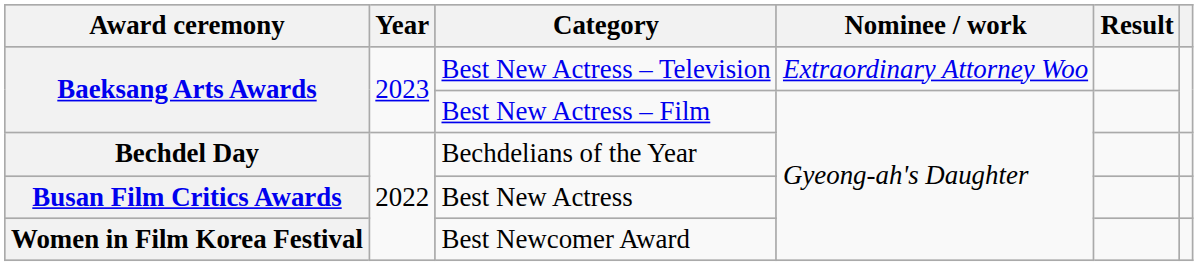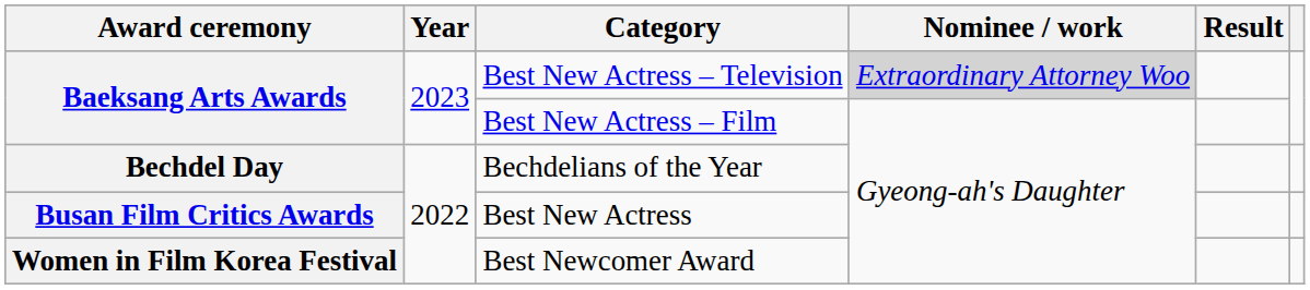 <table class="wikitable plainrowheaders sortable">
 <tr>
 <th scope="col">Award ceremony</th>
 <th scope="col">Year</th>
 <th scope="col">Category</th>
 <th scope="col">Nominee / work</th>
 <th scope="col">Result</th>
 <th scope="col" class="unsortable"></th>
 </tr>
 <tr>
 <th scope="row" rowspan="2"><a href='#'>Baeksang Arts Awards</a></th>
 <td rowspan="2" style="text-align:center"><a href='#'>2023</a></td>
 <td><a href='#'>Best New Actress – Television</a></td>
-<td><em><a href='#'>Extraordinary Attorney Woo</a></em></td>
+<td style="background: lightgrey;"><em><a href='#'>Extraordinary Attorney Woo</a></em></td>
 <td></td>
 <td rowspan="2" style="text-align:center"></td>
 </tr>
 <tr>
 <td><a href='#'>Best New Actress – Film</a></td>
 <td rowspan="4"><em>Gyeong-ah's Daughter</em></td>
 <td></td>
 </tr>
 <tr>
 <th scope="row">Bechdel Day</th>
 <td rowspan="3" style="text-align:center">2022</td>
 <td>Bechdelians of the Year</td>
 <td></td>
 <td style="text-align:center"></td>
 </tr>
 <tr>
 <th scope="row"><a href='#'>Busan Film Critics Awards</a></th>
 <td>Best New Actress</td>
 <td></td>
 <td style="text-align:center"></td>
 </tr>
 <tr>
 <th scope="row">Women in Film Korea Festival</th>
 <td>Best Newcomer Award</td>
 <td></td>
 <td style="text-align:center"></td>
 </tr>
 </table>
